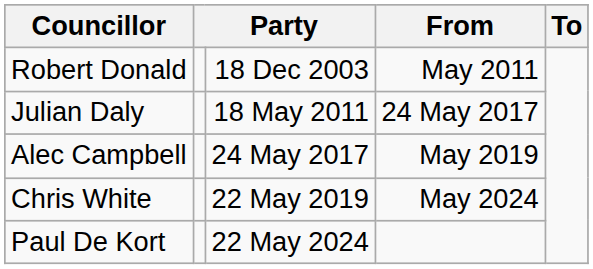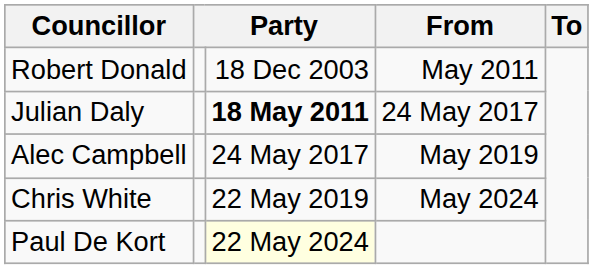 <table class=wikitable>
 <tr>
 <th>Councillor</th>
 <th colspan=2>Party</th>
 <th>From</th>
 <th>To</th>
 </tr>
 <tr>
 <td>Robert Donald</td>
 <td></td>
 <td align=right>18 Dec 2003</td>
 <td align=right>May 2011</td>
 </tr>
 <tr>
 <td>Julian Daly</td>
 <td></td>
-<td align=right>18 May 2011</td>
+<td align=right><strong>18 May 2011</strong></td>
 <td align=right>24 May 2017</td>
 </tr>
 <tr>
 <td>Alec Campbell</td>
 <td></td>
 <td align=right>24 May 2017</td>
 <td align=right>May 2019</td>
 </tr>
 <tr>
 <td>Chris White</td>
 <td></td>
 <td align=right>22 May 2019</td>
 <td align=right>May 2024</td>
 </tr>
 <tr>
 <td>Paul De Kort</td>
 <td></td>
-<td align=right>22 May 2024</td>
+<td align=right style="background: lightyellow;">22 May 2024</td>
 <td align=right></td>
 </tr>
 </table>
